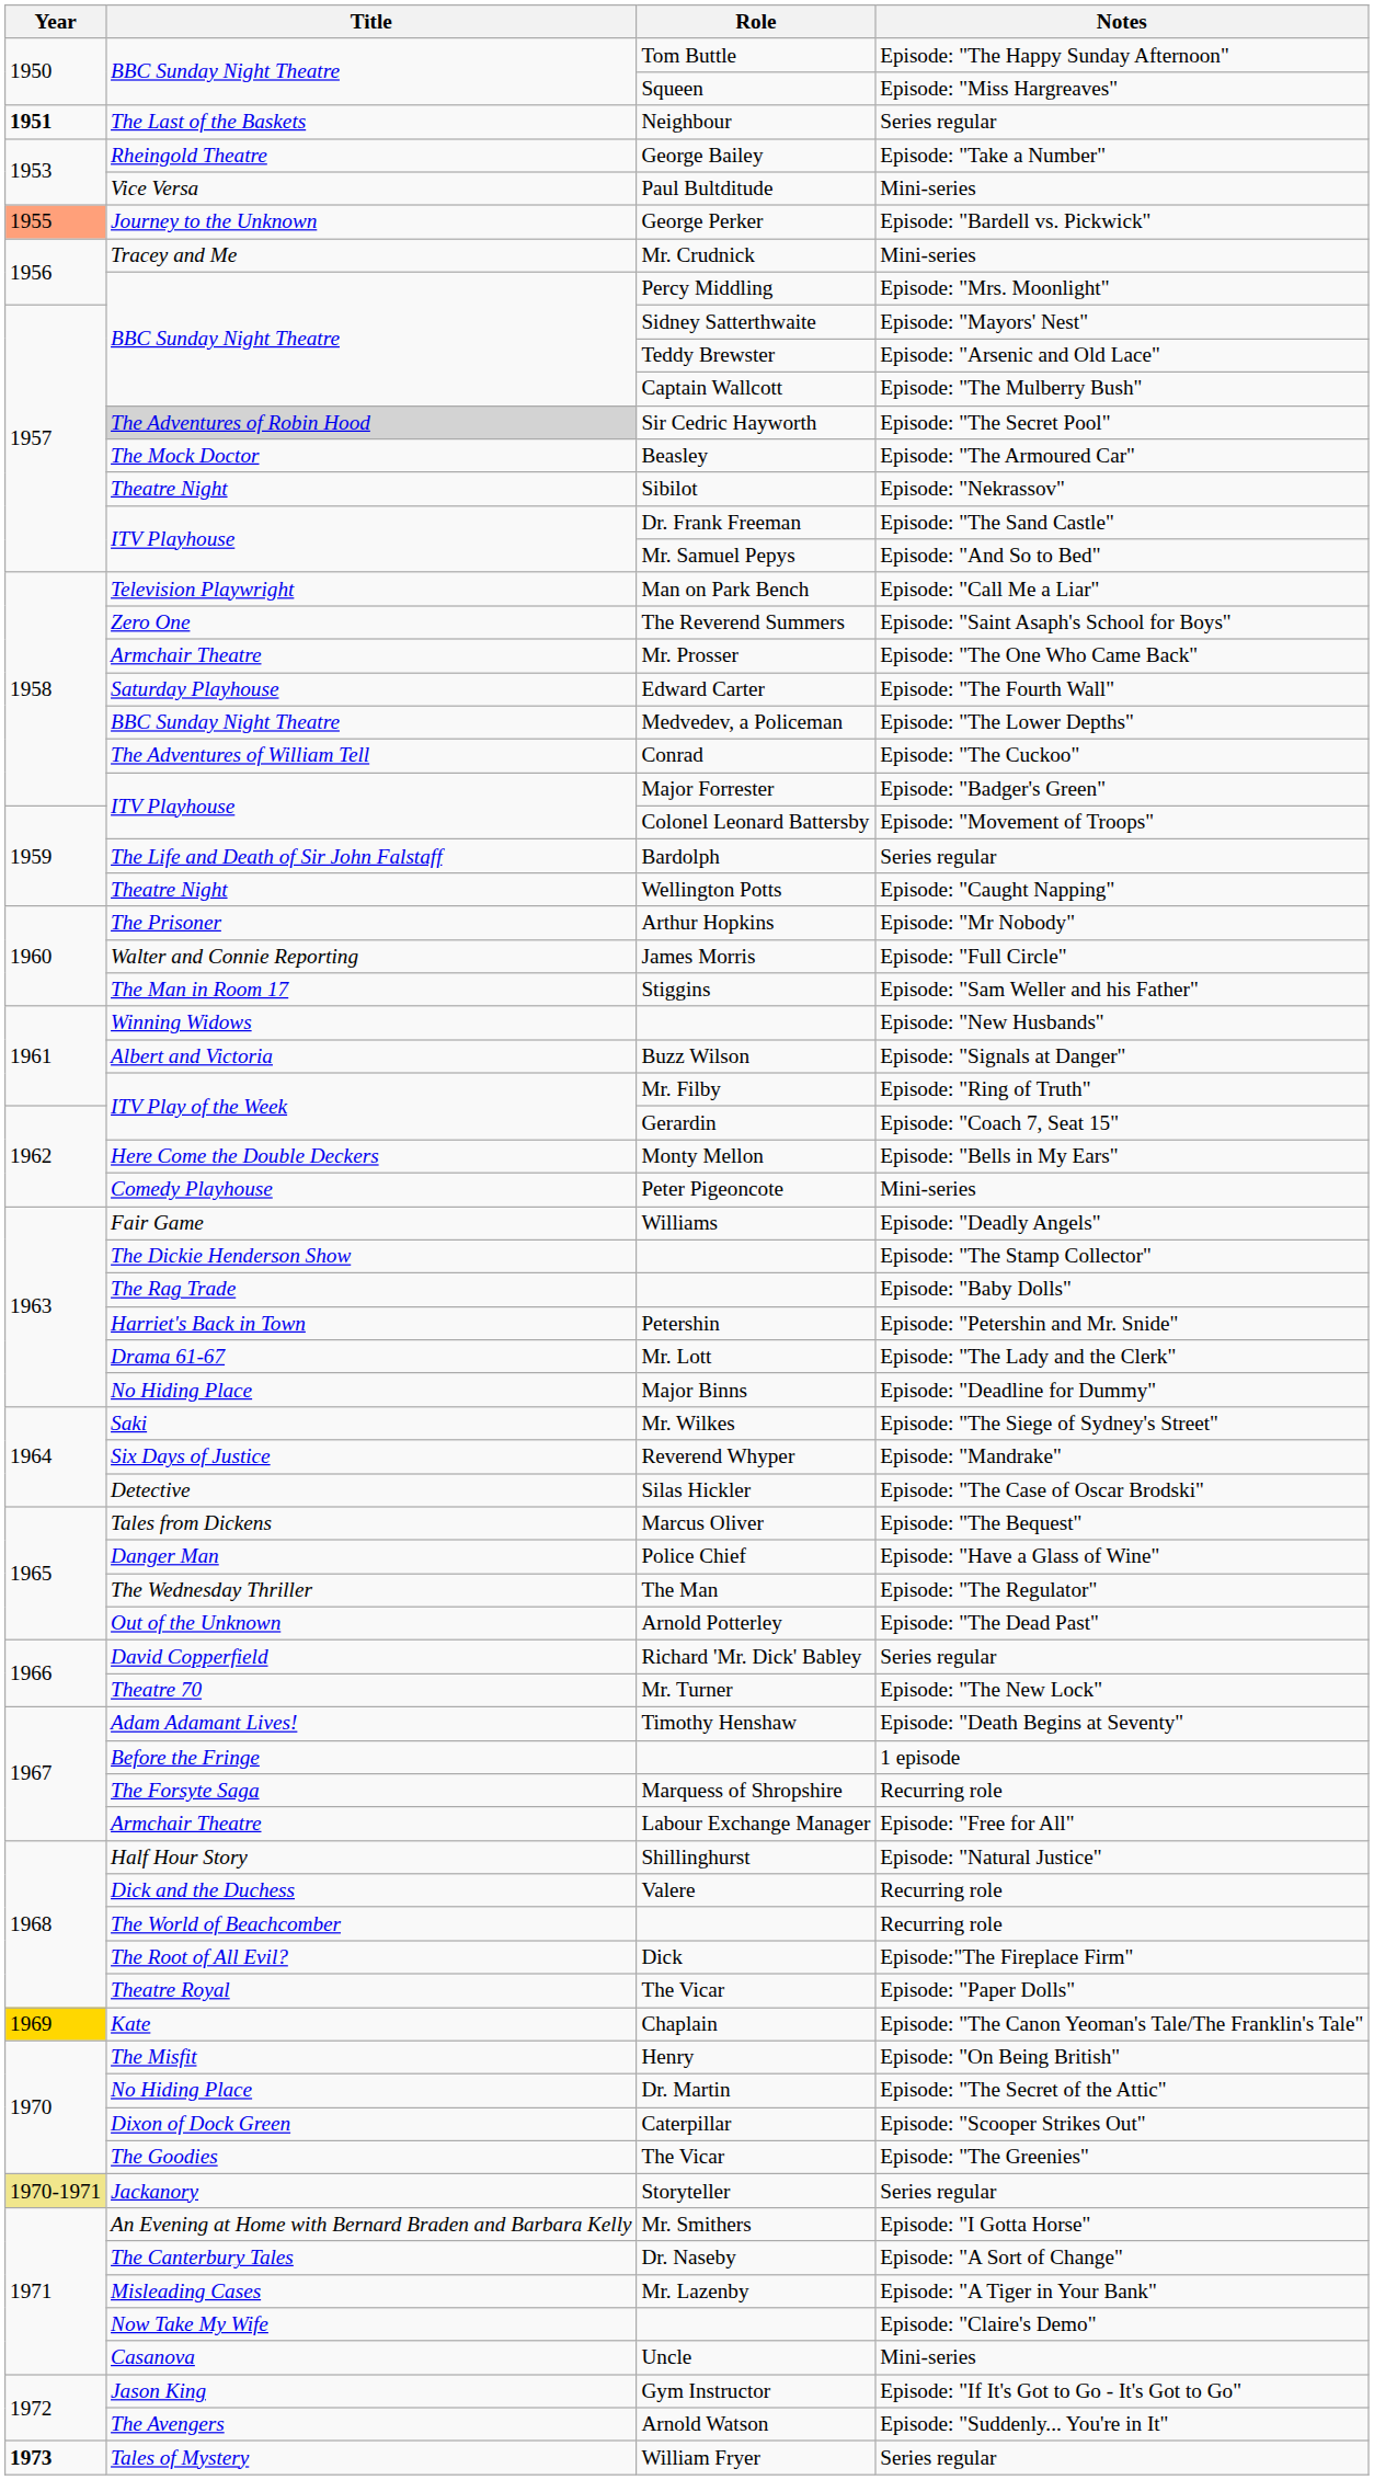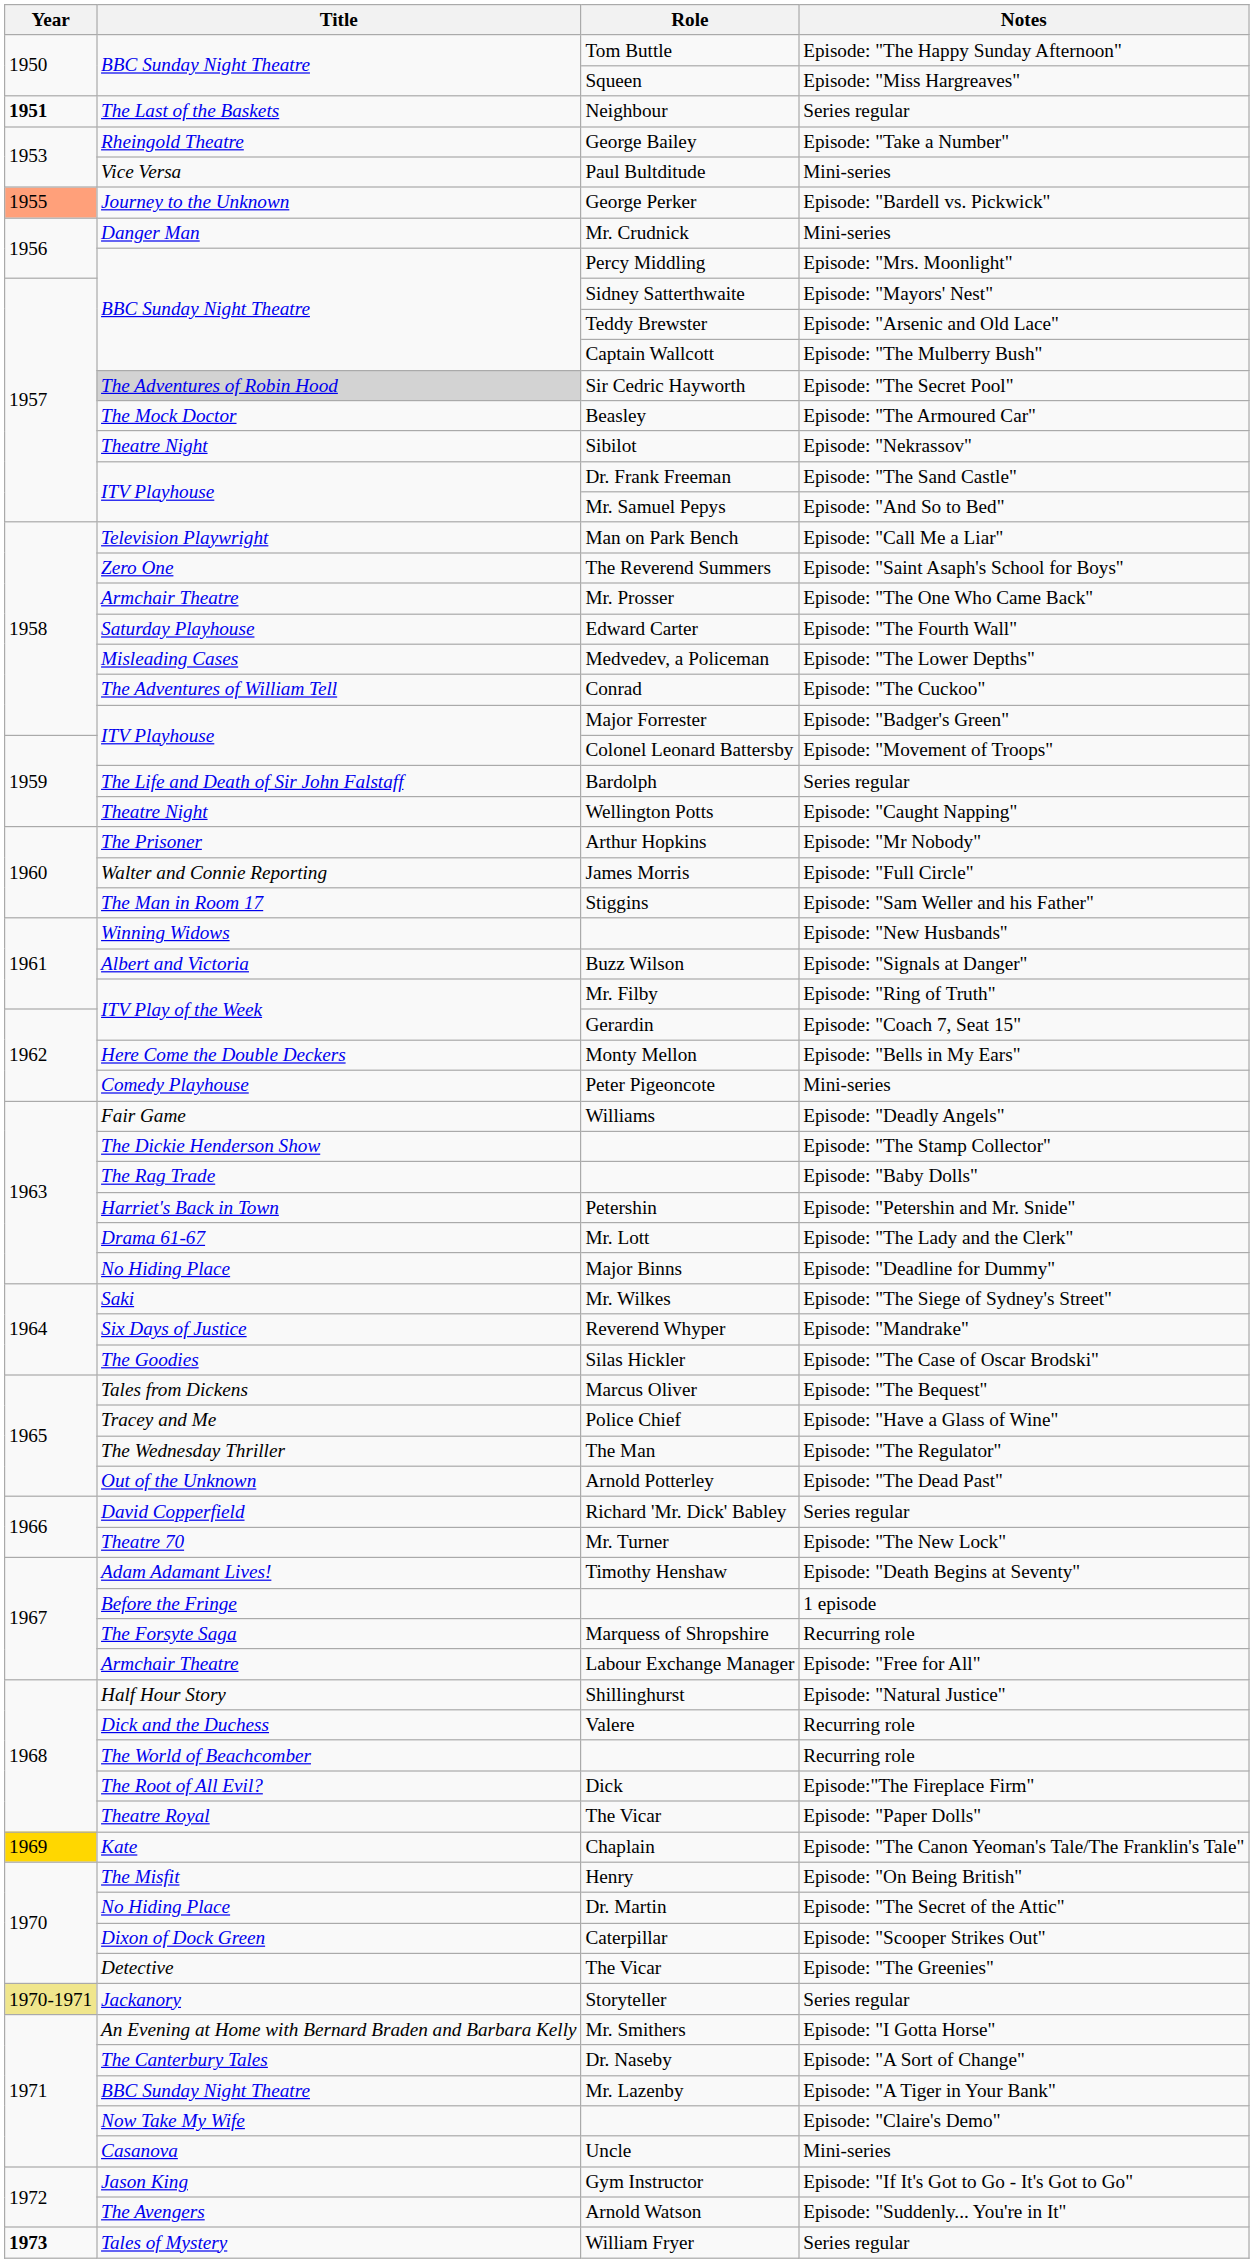 <table class="wikitable">
 <tr>
 <th>Year</th>
 <th>Title</th>
 <th>Role</th>
 <th>Notes</th>
 </tr>
 <tr>
 <td rowspan="2">1950</td>
 <td rowspan="2"><em><a href='#'>BBC Sunday Night Theatre</a></em></td>
 <td>Tom Buttle</td>
 <td>Episode: "The Happy Sunday Afternoon"</td>
 </tr>
 <tr>
 <td>Squeen</td>
 <td>Episode: "Miss Hargreaves"</td>
 </tr>
 <tr>
 <td><strong>1951</strong></td>
 <td><em><a href='#'>The Last of the Baskets</a></em></td>
 <td>Neighbour</td>
 <td>Series regular</td>
 </tr>
 <tr>
 <td rowspan="2">1953</td>
 <td><em><a href='#'>Rheingold Theatre</a></em></td>
 <td>George Bailey</td>
 <td>Episode: "Take a Number"</td>
 </tr>
 <tr>
 <td><em>Vice Versa</em></td>
 <td>Paul Bultditude</td>
 <td>Mini-series</td>
 </tr>
 <tr>
 <td style="background: lightsalmon;">1955</td>
 <td><em><a href='#'>Journey to the Unknown</a></em></td>
 <td>George Perker</td>
 <td>Episode: "Bardell vs. Pickwick"</td>
 </tr>
 <tr>
 <td rowspan="2">1956</td>
-<td><em>Tracey and Me</em></td>
+<td><em><a href='#'>Danger Man</a></em></td>
 <td>Mr. Crudnick</td>
 <td>Mini-series</td>
 </tr>
 <tr>
 <td rowspan="4"><em><a href='#'>BBC Sunday Night Theatre</a></em></td>
 <td>Percy Middling</td>
 <td>Episode: "Mrs. Moonlight"</td>
 </tr>
 <tr>
 <td rowspan="8">1957</td>
 <td>Sidney Satterthwaite</td>
 <td>Episode: "Mayors' Nest"</td>
 </tr>
 <tr>
 <td>Teddy Brewster</td>
 <td>Episode: "Arsenic and Old Lace"</td>
 </tr>
 <tr>
 <td>Captain Wallcott</td>
 <td>Episode: "The Mulberry Bush"</td>
 </tr>
 <tr>
 <td style="background: lightgrey;"><em><a href='#'>The Adventures of Robin Hood</a></em></td>
 <td>Sir Cedric Hayworth</td>
 <td>Episode: "The Secret Pool"</td>
 </tr>
 <tr>
 <td><em><a href='#'>The Mock Doctor</a></em></td>
 <td>Beasley</td>
 <td>Episode: "The Armoured Car"</td>
 </tr>
 <tr>
 <td><em><a href='#'>Theatre Night</a></em></td>
 <td>Sibilot</td>
 <td>Episode: "Nekrassov"</td>
 </tr>
 <tr>
 <td rowspan="2"><em><a href='#'>ITV Playhouse</a></em></td>
 <td>Dr. Frank Freeman</td>
 <td>Episode: "The Sand Castle"</td>
 </tr>
 <tr>
 <td>Mr. Samuel Pepys</td>
 <td>Episode: "And So to Bed"</td>
 </tr>
 <tr>
 <td rowspan="7">1958</td>
 <td><em><a href='#'>Television Playwright</a></em></td>
 <td>Man on Park Bench</td>
 <td>Episode: "Call Me a Liar"</td>
 </tr>
 <tr>
 <td><em><a href='#'>Zero One</a></em></td>
 <td>The Reverend Summers</td>
 <td>Episode: "Saint Asaph's School for Boys"</td>
 </tr>
 <tr>
 <td><em><a href='#'>Armchair Theatre</a></em></td>
 <td>Mr. Prosser</td>
 <td>Episode: "The One Who Came Back"</td>
 </tr>
 <tr>
 <td><em><a href='#'>Saturday Playhouse</a></em></td>
 <td>Edward Carter</td>
 <td>Episode: "The Fourth Wall"</td>
 </tr>
 <tr>
-<td><em><a href='#'>BBC Sunday Night Theatre</a></em></td>
+<td><em><a href='#'>Misleading Cases</a></em></td>
 <td>Medvedev, a Policeman</td>
 <td>Episode: "The Lower Depths"</td>
 </tr>
 <tr>
 <td><em><a href='#'>The Adventures of William Tell</a></em></td>
 <td>Conrad</td>
 <td>Episode: "The Cuckoo"</td>
 </tr>
 <tr>
 <td rowspan="2"><em><a href='#'>ITV Playhouse</a></em></td>
 <td>Major Forrester</td>
 <td>Episode: "Badger's Green"</td>
 </tr>
 <tr>
 <td rowspan="3">1959</td>
 <td>Colonel Leonard Battersby</td>
 <td>Episode: "Movement of Troops"</td>
 </tr>
 <tr>
 <td><em><a href='#'>The Life and Death of Sir John Falstaff</a></em></td>
 <td>Bardolph</td>
 <td>Series regular</td>
 </tr>
 <tr>
 <td><em><a href='#'>Theatre Night</a></em></td>
 <td>Wellington Potts</td>
 <td>Episode: "Caught Napping"</td>
 </tr>
 <tr>
 <td rowspan="3">1960</td>
 <td><em><a href='#'>The Prisoner</a></em></td>
 <td>Arthur Hopkins</td>
 <td>Episode: "Mr Nobody"</td>
 </tr>
 <tr>
 <td><em>Walter and Connie Reporting</em></td>
 <td>James Morris</td>
 <td>Episode: "Full Circle"</td>
 </tr>
 <tr>
 <td><em><a href='#'>The Man in Room 17</a></em></td>
 <td>Stiggins</td>
 <td>Episode: "Sam Weller and his Father"</td>
 </tr>
 <tr>
 <td rowspan="3">1961</td>
 <td><em><a href='#'>Winning Widows</a></em></td>
 <td></td>
 <td>Episode: "New Husbands"</td>
 </tr>
 <tr>
 <td><em><a href='#'>Albert and Victoria</a></em></td>
 <td>Buzz Wilson</td>
 <td>Episode: "Signals at Danger"</td>
 </tr>
 <tr>
 <td rowspan="2"><em><a href='#'>ITV Play of the Week</a></em></td>
 <td>Mr. Filby</td>
 <td>Episode: "Ring of Truth"</td>
 </tr>
 <tr>
 <td rowspan="3">1962</td>
 <td>Gerardin</td>
 <td>Episode: "Coach 7, Seat 15"</td>
 </tr>
 <tr>
 <td><em><a href='#'>Here Come the Double Deckers</a></em></td>
 <td>Monty Mellon</td>
 <td>Episode: "Bells in My Ears"</td>
 </tr>
 <tr>
 <td><em><a href='#'>Comedy Playhouse</a></em></td>
 <td>Peter Pigeoncote</td>
 <td>Mini-series</td>
 </tr>
 <tr>
 <td rowspan="6">1963</td>
 <td><em>Fair Game</em></td>
 <td>Williams</td>
 <td>Episode: "Deadly Angels"</td>
 </tr>
 <tr>
 <td><em><a href='#'>The Dickie Henderson Show</a></em></td>
 <td></td>
 <td>Episode: "The Stamp Collector"</td>
 </tr>
 <tr>
 <td><em><a href='#'>The Rag Trade</a></em></td>
 <td></td>
 <td>Episode: "Baby Dolls"</td>
 </tr>
 <tr>
 <td><em><a href='#'>Harriet's Back in Town</a></em></td>
 <td>Petershin</td>
 <td>Episode: "Petershin and Mr. Snide"</td>
 </tr>
 <tr>
 <td><em><a href='#'>Drama 61-67</a></em></td>
 <td>Mr. Lott</td>
 <td>Episode: "The Lady and the Clerk"</td>
 </tr>
 <tr>
 <td><em><a href='#'>No Hiding Place</a></em></td>
 <td>Major Binns</td>
 <td>Episode: "Deadline for Dummy"</td>
 </tr>
 <tr>
 <td rowspan="3">1964</td>
 <td><em><a href='#'>Saki</a></em></td>
 <td>Mr. Wilkes</td>
 <td>Episode: "The Siege of Sydney's Street"</td>
 </tr>
 <tr>
 <td><em><a href='#'>Six Days of Justice</a></em></td>
 <td>Reverend Whyper</td>
 <td>Episode: "Mandrake"</td>
 </tr>
 <tr>
-<td><em>Detective</em></td>
+<td><em><a href='#'>The Goodies</a></em></td>
 <td>Silas Hickler</td>
 <td>Episode: "The Case of Oscar Brodski"</td>
 </tr>
 <tr>
 <td rowspan="4">1965</td>
 <td><em>Tales from Dickens</em></td>
 <td>Marcus Oliver</td>
 <td>Episode: "The Bequest"</td>
 </tr>
 <tr>
-<td><em><a href='#'>Danger Man</a></em></td>
+<td><em>Tracey and Me</em></td>
 <td>Police Chief</td>
 <td>Episode: "Have a Glass of Wine"</td>
 </tr>
 <tr>
 <td><em>The Wednesday Thriller</em></td>
 <td>The Man</td>
 <td>Episode: "The Regulator"</td>
 </tr>
 <tr>
 <td><em><a href='#'>Out of the Unknown</a></em></td>
 <td>Arnold Potterley</td>
 <td>Episode: "The Dead Past"</td>
 </tr>
 <tr>
 <td rowspan="2">1966</td>
 <td><em><a href='#'>David Copperfield</a></em></td>
 <td>Richard 'Mr. Dick' Babley</td>
 <td>Series regular</td>
 </tr>
 <tr>
 <td><em><a href='#'>Theatre 70</a></em></td>
 <td>Mr. Turner</td>
 <td>Episode: "The New Lock"</td>
 </tr>
 <tr>
 <td rowspan="4">1967</td>
 <td><em><a href='#'>Adam Adamant Lives!</a></em></td>
 <td>Timothy Henshaw</td>
 <td>Episode: "Death Begins at Seventy"</td>
 </tr>
 <tr>
 <td><em><a href='#'>Before the Fringe</a></em></td>
 <td></td>
 <td>1 episode</td>
 </tr>
 <tr>
 <td><em><a href='#'>The Forsyte Saga</a></em></td>
 <td>Marquess of Shropshire</td>
 <td>Recurring role</td>
 </tr>
 <tr>
 <td><em><a href='#'>Armchair Theatre</a></em></td>
 <td>Labour Exchange Manager</td>
 <td>Episode: "Free for All"</td>
 </tr>
 <tr>
 <td rowspan="5">1968</td>
 <td><em>Half Hour Story</em></td>
 <td>Shillinghurst</td>
 <td>Episode: "Natural Justice"</td>
 </tr>
 <tr>
 <td><em><a href='#'>Dick and the Duchess</a></em></td>
 <td>Valere</td>
 <td>Recurring role</td>
 </tr>
 <tr>
 <td><em><a href='#'>The World of Beachcomber</a></em></td>
 <td></td>
 <td>Recurring role</td>
 </tr>
 <tr>
 <td><em><a href='#'>The Root of All Evil?</a></em></td>
 <td>Dick</td>
 <td>Episode:"The Fireplace Firm"</td>
 </tr>
 <tr>
 <td><em><a href='#'>Theatre Royal</a></em></td>
 <td>The Vicar</td>
 <td>Episode: "Paper Dolls"</td>
 </tr>
 <tr>
 <td style="background: gold;">1969</td>
 <td><em><a href='#'>Kate</a></em></td>
 <td>Chaplain</td>
 <td>Episode: "The Canon Yeoman's Tale/The Franklin's Tale"</td>
 </tr>
 <tr>
 <td rowspan="4">1970</td>
 <td><em><a href='#'>The Misfit</a></em></td>
 <td>Henry</td>
 <td>Episode: "On Being British"</td>
 </tr>
 <tr>
 <td><em><a href='#'>No Hiding Place</a></em></td>
 <td>Dr. Martin</td>
 <td>Episode: "The Secret of the Attic"</td>
 </tr>
 <tr>
 <td><em><a href='#'>Dixon of Dock Green</a></em></td>
 <td>Caterpillar</td>
 <td>Episode: "Scooper Strikes Out"</td>
 </tr>
 <tr>
-<td><em><a href='#'>The Goodies</a></em></td>
+<td><em>Detective</em></td>
 <td>The Vicar</td>
 <td>Episode: "The Greenies"</td>
 </tr>
 <tr>
 <td style="background: khaki;">1970-1971</td>
 <td><em><a href='#'>Jackanory</a></em></td>
 <td>Storyteller</td>
 <td>Series regular</td>
 </tr>
 <tr>
 <td rowspan="5">1971</td>
 <td><em>An Evening at Home with Bernard Braden and Barbara Kelly</em></td>
 <td>Mr. Smithers</td>
 <td>Episode: "I Gotta Horse"</td>
 </tr>
 <tr>
 <td><em><a href='#'>The Canterbury Tales</a></em></td>
 <td>Dr. Naseby</td>
 <td>Episode: "A Sort of Change"</td>
 </tr>
 <tr>
-<td><em><a href='#'>Misleading Cases</a></em></td>
+<td><em><a href='#'>BBC Sunday Night Theatre</a></em></td>
 <td>Mr. Lazenby</td>
 <td>Episode: "A Tiger in Your Bank"</td>
 </tr>
 <tr>
 <td><em><a href='#'>Now Take My Wife</a></em></td>
 <td></td>
 <td>Episode: "Claire's Demo"</td>
 </tr>
 <tr>
 <td><em><a href='#'>Casanova</a></em></td>
 <td>Uncle</td>
 <td>Mini-series</td>
 </tr>
 <tr>
 <td rowspan="2">1972</td>
 <td><em><a href='#'>Jason King</a></em></td>
 <td>Gym Instructor</td>
 <td>Episode: "If It's Got to Go - It's Got to Go"</td>
 </tr>
 <tr>
 <td><em><a href='#'>The Avengers</a></em></td>
 <td>Arnold Watson</td>
 <td>Episode: "Suddenly... You're in It"</td>
 </tr>
 <tr>
 <td><strong>1973</strong></td>
 <td><em><a href='#'>Tales of Mystery</a></em></td>
 <td>William Fryer</td>
 <td>Series regular</td>
 </tr>
 </table>
